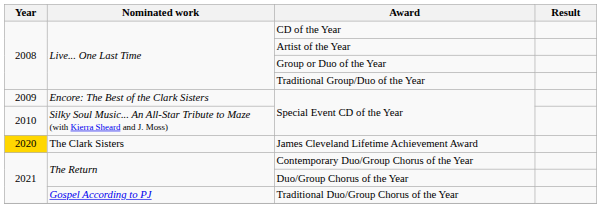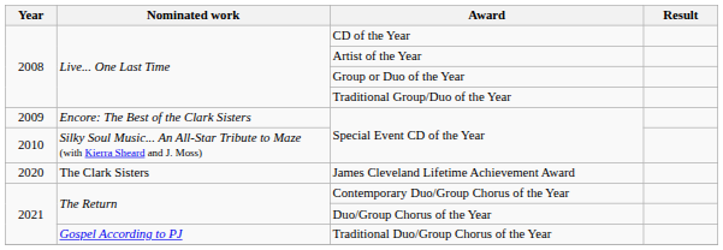 <table class="wikitable" style="width:70%;">
 <tr>
 <th style="width:3%;">Year</th>
 <th style="width:20%;">Nominated work</th>
 <th style="width:23%;">Award</th>
 <th style="width:5%;">Result</th>
 </tr>
 <tr>
 <td align="center" rowspan="4">2008</td>
 <td rowspan="4"><em>Live... One Last Time</em></td>
 <td>CD of the Year</td>
 <td></td>
 </tr>
 <tr>
 <td>Artist of the Year</td>
 <td></td>
 </tr>
 <tr>
 <td>Group or Duo of the Year</td>
 <td></td>
 </tr>
 <tr>
 <td>Traditional Group/Duo of the Year</td>
 <td></td>
 </tr>
 <tr>
 <td align="center">2009</td>
 <td><em>Encore: The Best of the Clark Sisters</em></td>
 <td rowspan="2">Special Event CD of the Year</td>
 <td></td>
 </tr>
 <tr>
 <td align="center">2010</td>
 <td><em>Silky Soul Music... An All-Star Tribute to Maze</em> <small>(with <a href='#'>Kierra Sheard</a> and J. Moss)</small></td>
 <td></td>
 </tr>
 <tr>
-<td align="center" style="background: gold;">2020</td>
+<td align="center">2020</td>
 <td>The Clark Sisters</td>
 <td>James Cleveland Lifetime Achievement Award</td>
 <td></td>
 </tr>
 <tr>
 <td align="center" rowspan="3">2021</td>
 <td rowspan="2"><em>The Return</em></td>
 <td>Contemporary Duo/Group Chorus of the Year</td>
 <td></td>
 </tr>
 <tr>
 <td>Duo/Group Chorus of the Year</td>
 <td></td>
 </tr>
 <tr>
 <td><em><a href='#'>Gospel According to PJ</a></em></td>
 <td>Traditional Duo/Group Chorus of the Year</td>
 <td></td>
 </tr>
 <tr>
 </tr>
 </table>
